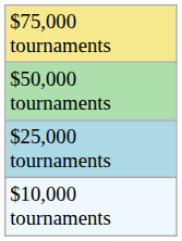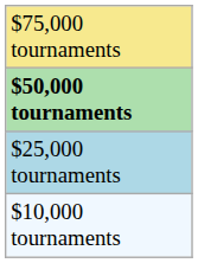 <table class="wikitable" style="font-size:85%;" width=13%>
 <tr style="background:#f7e98e;">
 <td>$75,000 tournaments</td>
 </tr>
 <tr style="background:#addfad;">
-<td>$50,000 tournaments</td>
+<td><strong>$50,000 tournaments</strong></td>
 </tr>
 <tr style="background:lightblue;">
 <td>$25,000 tournaments</td>
 </tr>
 <tr style="background:#f0f8ff;">
 <td>$10,000 tournaments</td>
 </tr>
 </table>
